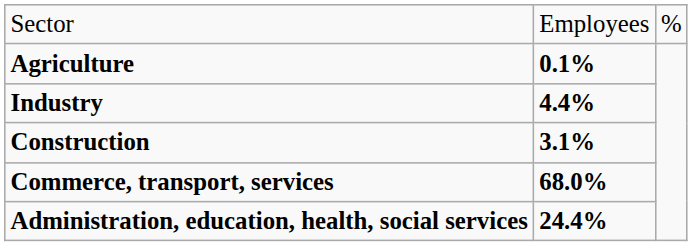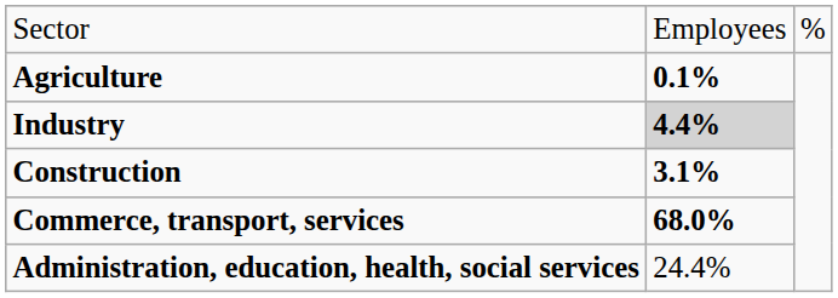 <table class=wikitable>
 <tr>
 <td>Sector</td>
 <td>Employees</td>
 <td>%</td>
 </tr>
 <tr>
 <td><strong>Agriculture</strong></td>
 <td><strong>0.1%</strong></td>
 </tr>
 <tr>
 <td><strong>Industry</strong></td>
-<td><strong>4.4%</strong></td>
+<td style="background: lightgrey;"><strong>4.4%</strong></td>
 </tr>
 <tr>
 <td><strong>Construction</strong></td>
 <td><strong>3.1%</strong></td>
 </tr>
 <tr>
 <td><strong>Commerce, transport, services</strong></td>
 <td><strong>68.0%</strong></td>
 </tr>
 <tr>
 <td><strong>Administration, education, health, social services</strong></td>
-<td><strong>24.4%</strong></td>
+<td>24.4%</td>
 </tr>
 </table>
